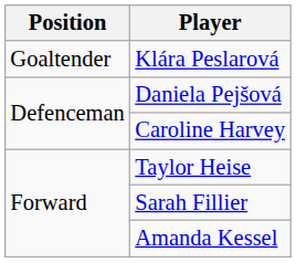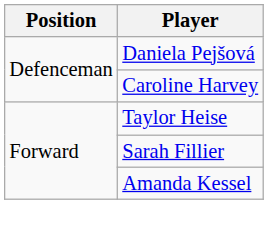 <table class="wikitable">
 <tr>
 <th>Position</th>
 <th>Player</th>
-</tr>
-<tr>
-<td>Goaltender</td>
-<td> <a href='#'>Klára Peslarová</a></td>
 </tr>
 <tr>
 <td rowspan=2>Defenceman</td>
 <td> <a href='#'>Daniela Pejšová</a></td>
 </tr>
 <tr>
 <td> <a href='#'>Caroline Harvey</a></td>
 </tr>
 <tr>
 <td rowspan=3>Forward</td>
 <td> <a href='#'>Taylor Heise</a></td>
 </tr>
 <tr>
 <td> <a href='#'>Sarah Fillier</a></td>
 </tr>
 <tr>
 <td> <a href='#'>Amanda Kessel</a></td>
 </tr>
 </table>
